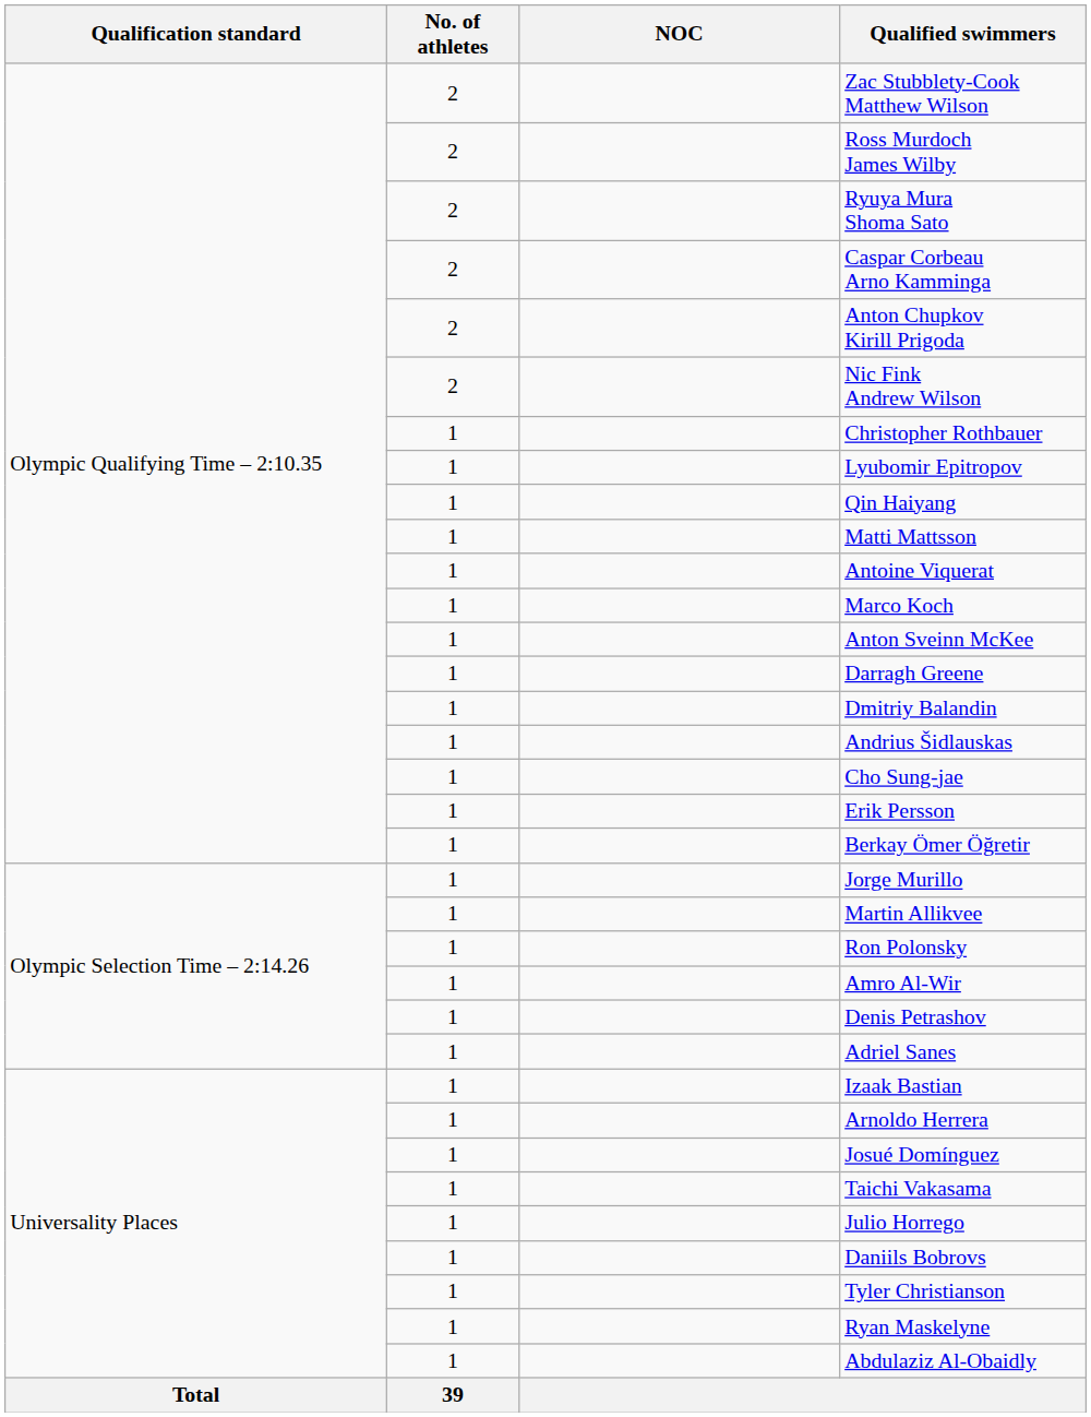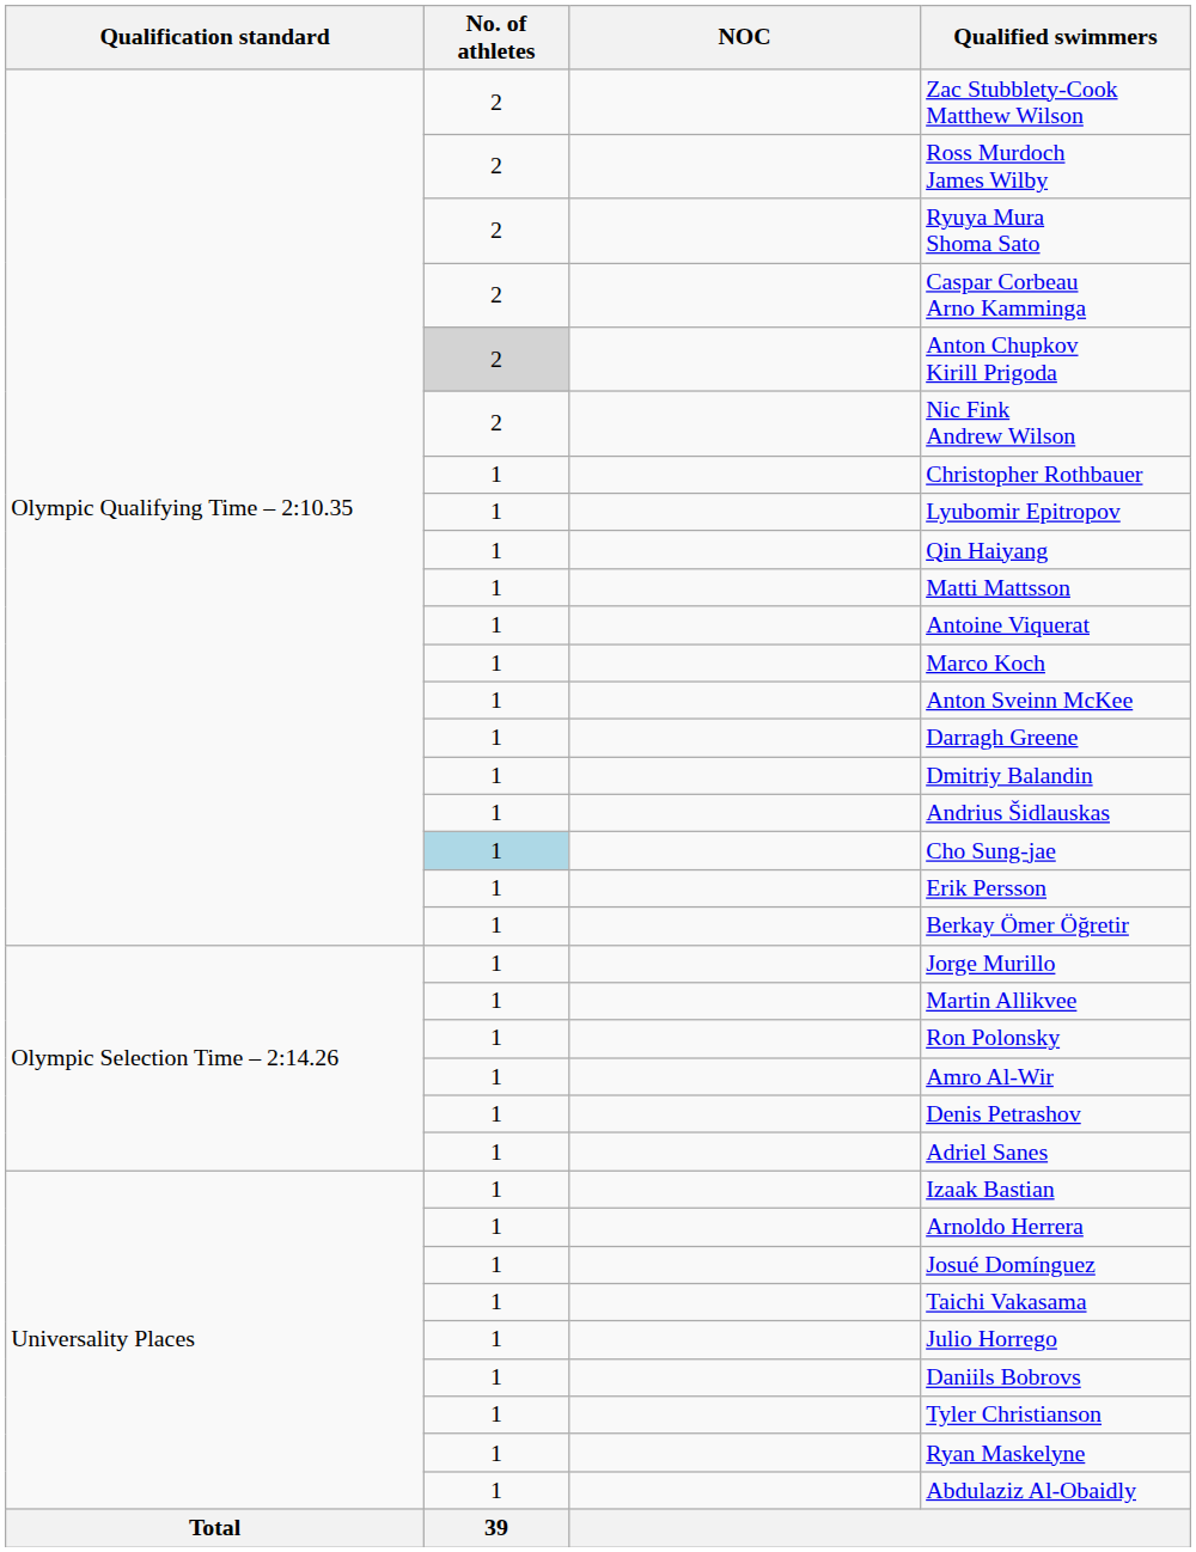 <table class=wikitable style="text-align:left" width=800>
 <tr>
 <th>Qualification standard</th>
 <th width=90>No. of athletes</th>
 <th width=230>NOC</th>
 <th>Qualified swimmers</th>
 </tr>
 <tr>
 <td rowspan="19”">Olympic Qualifying Time – 2:10.35</td>
 <td align=center>2</td>
 <td></td>
 <td><a href='#'>Zac Stubblety-Cook</a><br><a href='#'>Matthew Wilson</a></td>
 </tr>
 <tr>
 <td align=center>2</td>
 <td></td>
 <td><a href='#'>Ross Murdoch</a><br><a href='#'>James Wilby</a></td>
 </tr>
 <tr>
 <td align=center>2</td>
 <td></td>
 <td><a href='#'>Ryuya Mura</a><br><a href='#'>Shoma Sato</a></td>
 </tr>
 <tr>
 <td align=center>2</td>
 <td></td>
 <td><a href='#'>Caspar Corbeau</a><br><a href='#'>Arno Kamminga</a></td>
 </tr>
 <tr>
-<td align=center>2</td>
+<td align=center style="background: lightgrey;">2</td>
 <td></td>
 <td><a href='#'>Anton Chupkov</a><br><a href='#'>Kirill Prigoda</a></td>
 </tr>
 <tr>
 <td align=center>2</td>
 <td></td>
 <td><a href='#'>Nic Fink</a><br><a href='#'>Andrew Wilson</a></td>
 </tr>
 <tr>
 <td align=center>1</td>
 <td></td>
 <td><a href='#'>Christopher Rothbauer</a></td>
 </tr>
 <tr>
 <td align=center>1</td>
 <td></td>
 <td><a href='#'>Lyubomir Epitropov</a></td>
 </tr>
 <tr>
 <td align=center>1</td>
 <td></td>
 <td><a href='#'>Qin Haiyang</a></td>
 </tr>
 <tr>
 <td align=center>1</td>
 <td></td>
 <td><a href='#'>Matti Mattsson</a></td>
 </tr>
 <tr>
 <td align=center>1</td>
 <td></td>
 <td><a href='#'>Antoine Viquerat</a></td>
 </tr>
 <tr>
 <td align=center>1</td>
 <td></td>
 <td><a href='#'>Marco Koch</a></td>
 </tr>
 <tr>
 <td align=center>1</td>
 <td></td>
 <td><a href='#'>Anton Sveinn McKee</a></td>
 </tr>
 <tr>
 <td align=center>1</td>
 <td></td>
 <td><a href='#'>Darragh Greene</a></td>
 </tr>
 <tr>
 <td align=center>1</td>
 <td></td>
 <td><a href='#'>Dmitriy Balandin</a></td>
 </tr>
 <tr>
 <td align=center>1</td>
 <td></td>
 <td><a href='#'>Andrius Šidlauskas</a></td>
 </tr>
 <tr>
-<td align=center>1</td>
+<td align=center style="background: lightblue;">1</td>
 <td></td>
 <td><a href='#'>Cho Sung-jae</a></td>
 </tr>
 <tr>
 <td align=center>1</td>
 <td></td>
 <td><a href='#'>Erik Persson</a></td>
 </tr>
 <tr>
 <td align=center>1</td>
 <td></td>
 <td><a href='#'>Berkay Ömer Öğretir</a></td>
 </tr>
 <tr>
 <td rowspan=6>Olympic Selection Time – 2:14.26</td>
 <td align=center>1</td>
 <td></td>
 <td><a href='#'>Jorge Murillo</a></td>
 </tr>
 <tr>
 <td align=center>1</td>
 <td></td>
 <td><a href='#'>Martin Allikvee</a></td>
 </tr>
 <tr>
 <td align=center>1</td>
 <td></td>
 <td><a href='#'>Ron Polonsky</a></td>
 </tr>
 <tr>
 <td align=center>1</td>
 <td></td>
 <td><a href='#'>Amro Al-Wir</a></td>
 </tr>
 <tr>
 <td align=center>1</td>
 <td></td>
 <td><a href='#'>Denis Petrashov</a></td>
 </tr>
 <tr>
 <td align=center>1</td>
 <td></td>
 <td><a href='#'>Adriel Sanes</a></td>
 </tr>
 <tr>
 <td rowspan=9>Universality Places</td>
 <td align=center>1</td>
 <td></td>
 <td><a href='#'>Izaak Bastian</a></td>
 </tr>
 <tr>
 <td align=center>1</td>
 <td></td>
 <td><a href='#'>Arnoldo Herrera</a></td>
 </tr>
 <tr>
 <td align=center>1</td>
 <td></td>
 <td><a href='#'>Josué Domínguez</a></td>
 </tr>
 <tr>
 <td align=center>1</td>
 <td></td>
 <td><a href='#'>Taichi Vakasama</a></td>
 </tr>
 <tr>
 <td align=center>1</td>
 <td></td>
 <td><a href='#'>Julio Horrego</a></td>
 </tr>
 <tr>
 <td align=center>1</td>
 <td></td>
 <td><a href='#'>Daniils Bobrovs</a></td>
 </tr>
 <tr>
 <td align=center>1</td>
 <td></td>
 <td><a href='#'>Tyler Christianson</a></td>
 </tr>
 <tr>
 <td align=center>1</td>
 <td></td>
 <td><a href='#'>Ryan Maskelyne</a></td>
 </tr>
 <tr>
 <td align=center>1</td>
 <td></td>
 <td><a href='#'>Abdulaziz Al-Obaidly</a></td>
 </tr>
 <tr>
 <th><strong>Total</strong></th>
 <th>39</th>
 <th colspan=2></th>
 </tr>
 </table>
